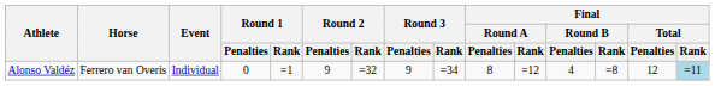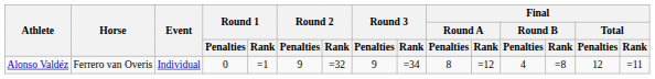 <table class=wikitable style="font-size:90%">
 <tr>
 <th rowspan="3">Athlete</th>
 <th rowspan="3">Horse</th>
 <th rowspan="3">Event</th>
 <th colspan="2" rowspan="2">Round 1</th>
 <th colspan="2" rowspan="2">Round 2</th>
 <th colspan="2" rowspan="2">Round 3</th>
 <th colspan="6">Final</th>
 </tr>
 <tr>
 <th colspan="2">Round A</th>
 <th colspan="2">Round B</th>
 <th colspan="2">Total</th>
 </tr>
 <tr>
 <th>Penalties</th>
 <th>Rank</th>
 <th>Penalties</th>
 <th>Rank</th>
 <th>Penalties</th>
 <th>Rank</th>
 <th>Penalties</th>
 <th>Rank</th>
 <th>Penalties</th>
 <th>Rank</th>
 <th>Penalties</th>
 <th>Rank</th>
 </tr>
 <tr align=center>
 <td align=left><a href='#'>Alonso Valdéz</a></td>
 <td align=left>Ferrero van Overis</td>
 <td align=left><a href='#'>Individual</a></td>
 <td>0</td>
 <td>=1</td>
 <td>9</td>
 <td>=32</td>
 <td>9</td>
 <td>=34</td>
 <td>8</td>
 <td>=12</td>
 <td>4</td>
 <td>=8</td>
 <td>12</td>
-<td style="background: lightblue;">=11</td>
+<td>=11</td>
 </tr>
 </table>
